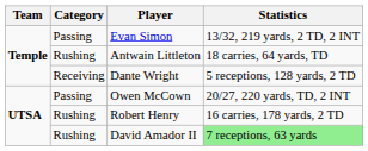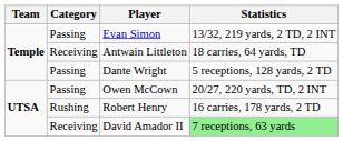 <table class="wikitable" style="float: right;">
 <tr>
 <th>Team</th>
 <th>Category</th>
 <th>Player</th>
 <th>Statistics</th>
 </tr>
 <tr>
 <td rowspan=3><strong>Temple</strong></td>
 <td>Passing</td>
 <td><a href='#'>Evan Simon</a></td>
 <td>13/32, 219 yards, 2 TD, 2 INT</td>
 </tr>
 <tr>
-<td>Rushing</td>
+<td>Receiving</td>
 <td>Antwain Littleton</td>
 <td>18 carries, 64 yards, TD</td>
 </tr>
 <tr>
-<td>Receiving</td>
+<td>Passing</td>
 <td>Dante Wright</td>
 <td>5 receptions, 128 yards, 2 TD</td>
 </tr>
 <tr>
 <td rowspan=3><strong>UTSA</strong></td>
 <td>Passing</td>
 <td>Owen McCown</td>
 <td>20/27, 220 yards, TD, 2 INT</td>
 </tr>
 <tr>
 <td>Rushing</td>
 <td>Robert Henry</td>
 <td>16 carries, 178 yards, 2 TD</td>
 </tr>
 <tr>
-<td>Rushing</td>
+<td>Receiving</td>
 <td>David Amador II</td>
 <td style="background: lightgreen;">7 receptions, 63 yards</td>
 </tr>
 </table>
